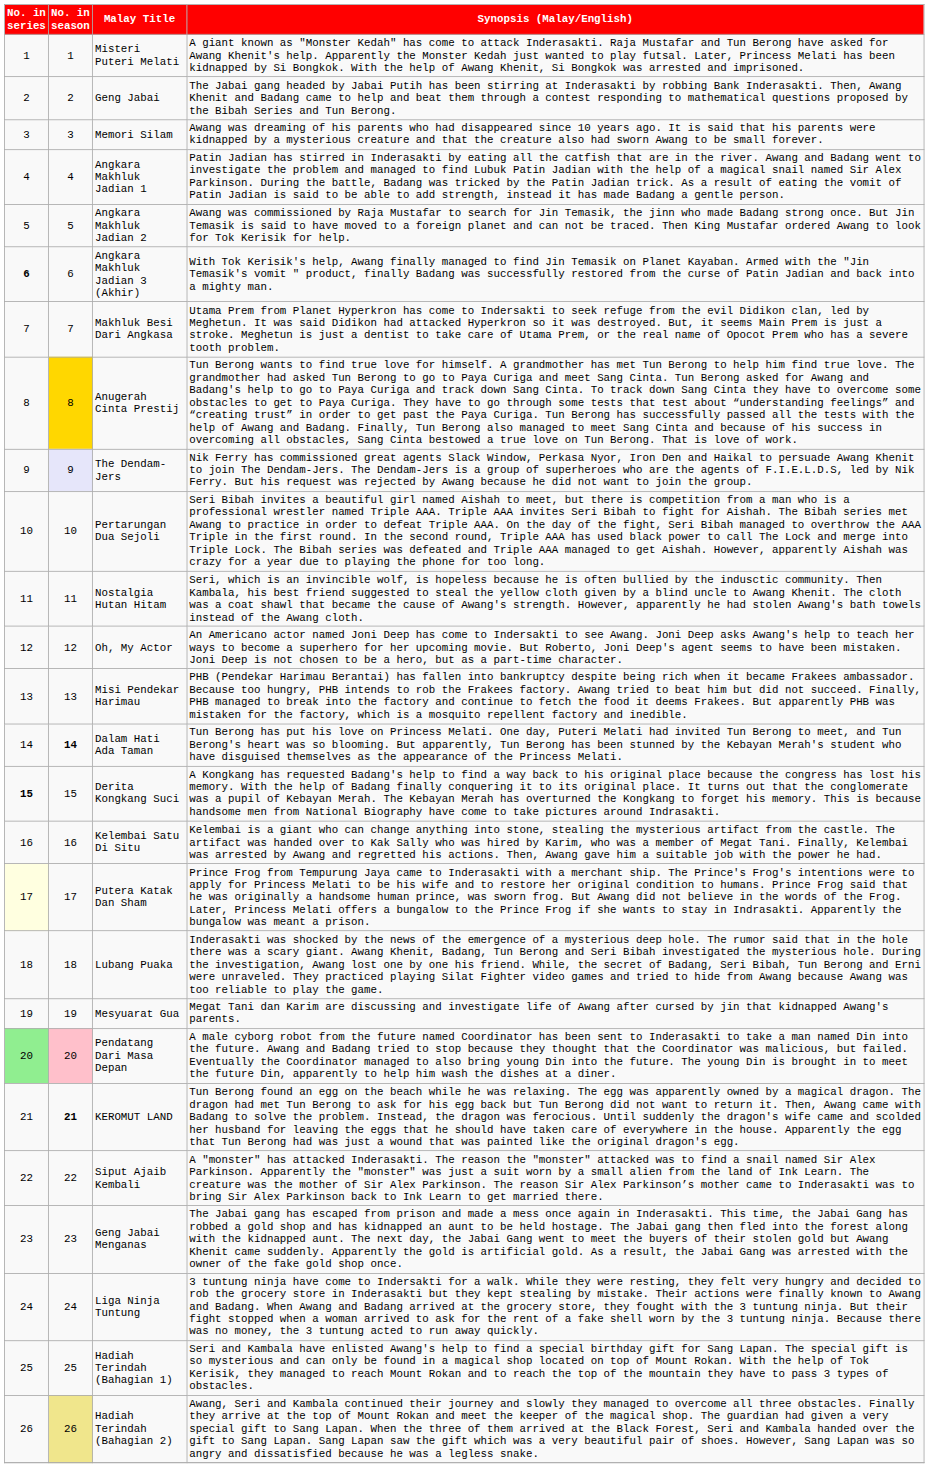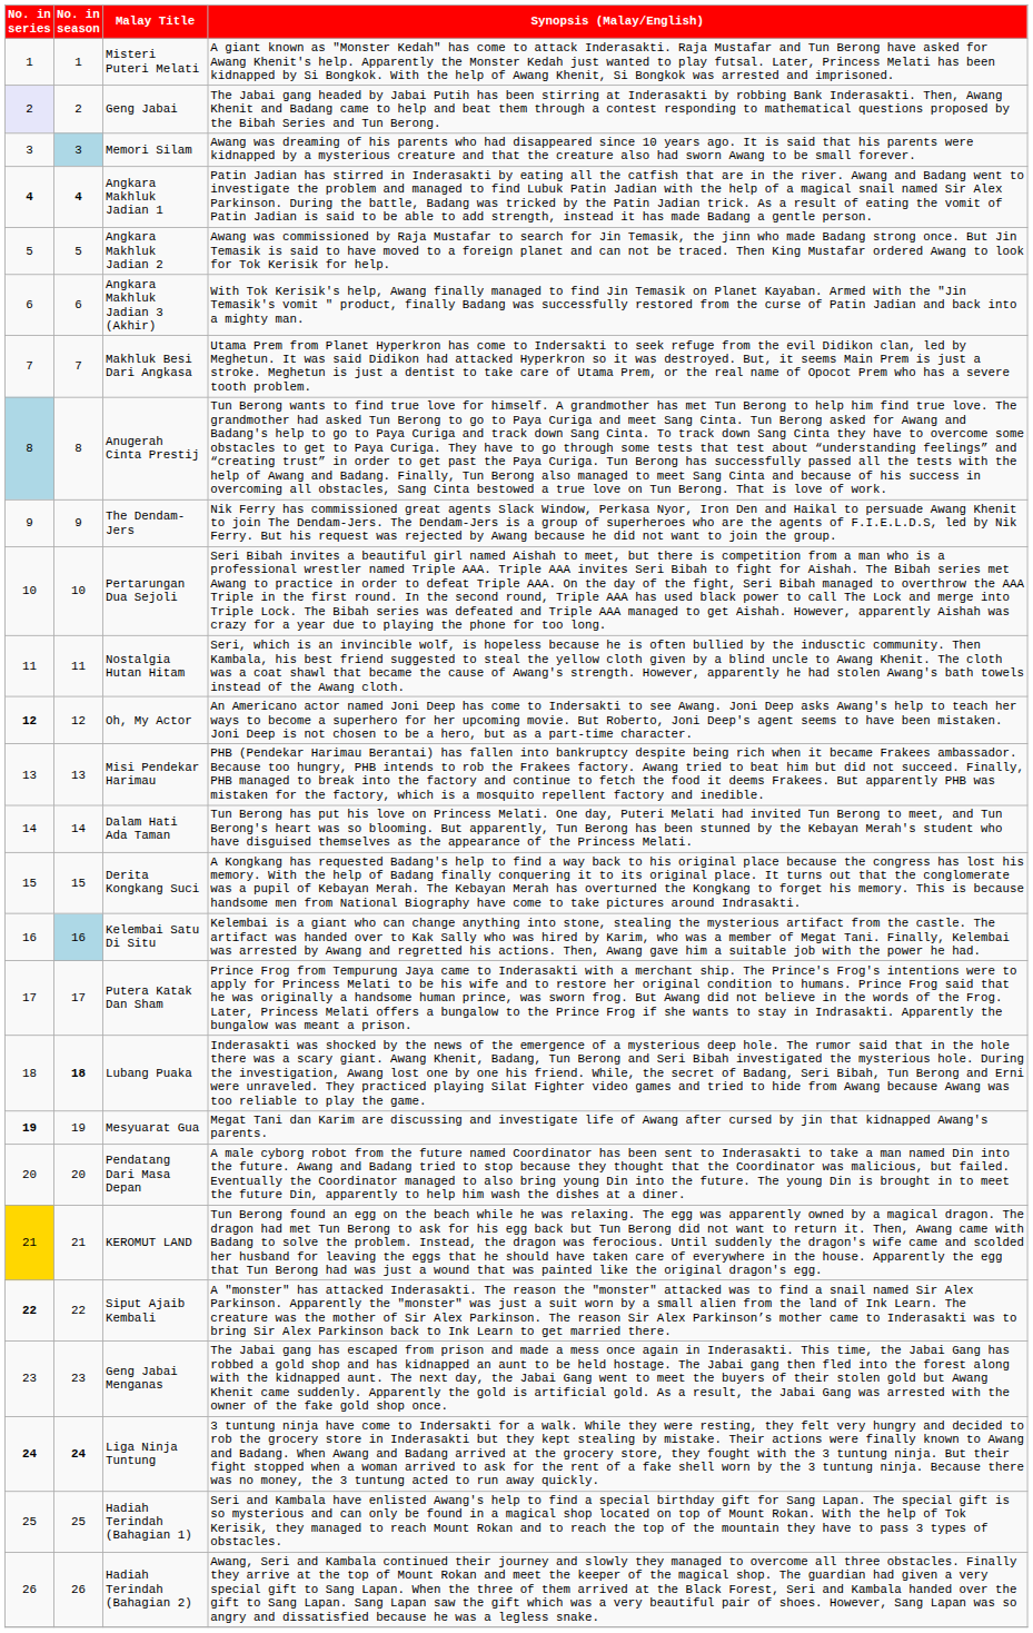 <table class="wikitable" style="width:70%; align:left;">
 <tr>
 <th style="background-color: #FF0000; color: #FFFFFF ;">No. in<br>series </th>
 <th style="background-color: #FF0000; color: #FFFFFF ;">No. in<br>season</th>
 <th style="background-color: #FF0000; color: #FFFFFF ;">Malay Title</th>
 <th style="background-color: #FF0000; color: #FFFFFF ;">Synopsis (Malay/English)</th>
 </tr>
 <tr>
 <td style="text-align:center;">1</td>
 <td style="text-align:center;">1</td>
 <td>Misteri Puteri Melati</td>
 <td>A giant known as "Monster Kedah" has come to attack Inderasakti. Raja Mustafar and Tun Berong have asked for Awang Khenit's help. Apparently the Monster Kedah just wanted to play futsal. Later, Princess Melati has been kidnapped by Si Bongkok. With the help of Awang Khenit, Si Bongkok was arrested and imprisoned.</td>
 </tr>
 <tr>
-<td style="text-align:center;">2</td>
+<td style="background: lavender; text-align:center;">2</td>
 <td style="text-align:center;">2</td>
 <td>Geng Jabai</td>
 <td>The Jabai gang headed by Jabai Putih has been stirring at Inderasakti by robbing Bank Inderasakti. Then, Awang Khenit and Badang came to help and beat them through a contest responding to mathematical questions proposed by the Bibah Series and Tun Berong.</td>
 </tr>
 <tr>
 <td style="text-align:center;">3</td>
-<td style="text-align:center;">3</td>
+<td style="background: lightblue; text-align:center;">3</td>
 <td>Memori Silam</td>
 <td>Awang was dreaming of his parents who had disappeared since 10 years ago. It is said that his parents were kidnapped by a mysterious creature and that the creature also had sworn Awang to be small forever.</td>
 </tr>
 <tr>
-<td style="text-align:center;">4</td>
-<td style="text-align:center;">4</td>
+<td style="text-align:center;"><strong>4</strong></td>
+<td style="text-align:center;"><strong>4</strong></td>
 <td>Angkara Makhluk Jadian 1</td>
 <td>Patin Jadian has stirred in Inderasakti by eating all the catfish that are in the river. Awang and Badang went to investigate the problem and managed to find Lubuk Patin Jadian with the help of a magical snail named Sir Alex Parkinson. During the battle, Badang was tricked by the Patin Jadian trick. As a result of eating the vomit of Patin Jadian is said to be able to add strength, instead it has made Badang a gentle person.</td>
 </tr>
 <tr>
 <td style="text-align:center;">5</td>
 <td style="text-align:center;">5</td>
 <td>Angkara Makhluk Jadian 2</td>
 <td>Awang was commissioned by Raja Mustafar to search for Jin Temasik, the jinn who made Badang strong once. But Jin Temasik is said to have moved to a foreign planet and can not be traced. Then King Mustafar ordered Awang to look for Tok Kerisik for help.</td>
 </tr>
 <tr>
-<td style="text-align:center;"><strong>6</strong></td>
+<td style="text-align:center;">6</td>
 <td style="text-align:center;">6</td>
 <td>Angkara Makhluk Jadian 3 (Akhir)</td>
 <td>With Tok Kerisik's help, Awang finally managed to find Jin Temasik on Planet Kayaban. Armed with the "Jin Temasik's vomit " product, finally Badang was successfully restored from the curse of Patin Jadian and back into a mighty man.</td>
 </tr>
 <tr>
 <td style="text-align:center;">7</td>
 <td style="text-align:center;">7</td>
 <td>Makhluk Besi Dari Angkasa</td>
 <td>Utama Prem from Planet Hyperkron has come to Indersakti to seek refuge from the evil Didikon clan, led by Meghetun. It was said Didikon had attacked Hyperkron so it was destroyed. But, it seems Main Prem is just a stroke. Meghetun is just a dentist to take care of Utama Prem, or the real name of Opocot Prem who has a severe tooth problem.</td>
 </tr>
 <tr>
+<td style="background: lightblue; text-align:center;">8</td>
 <td style="text-align:center;">8</td>
-<td style="background: gold; text-align:center;">8</td>
 <td>Anugerah Cinta Prestij</td>
 <td>Tun Berong wants to find true love for himself. A grandmother has met Tun Berong to help him find true love. The grandmother had asked Tun Berong to go to Paya Curiga and meet Sang Cinta. Tun Berong asked for Awang and Badang's help to go to Paya Curiga and track down Sang Cinta. To track down Sang Cinta they have to overcome some obstacles to get to Paya Curiga. They have to go through some tests that test about “understanding feelings” and “creating trust” in order to get past the Paya Curiga. Tun Berong has successfully passed all the tests with the help of Awang and Badang. Finally, Tun Berong also managed to meet Sang Cinta and because of his success in overcoming all obstacles, Sang Cinta bestowed a true love on Tun Berong. That is love of work.</td>
 </tr>
 <tr>
 <td style="text-align:center;">9</td>
-<td style="background: lavender; text-align:center;">9</td>
+<td style="text-align:center;">9</td>
 <td>The Dendam-Jers</td>
 <td>Nik Ferry has commissioned great agents Slack Window, Perkasa Nyor, Iron Den and Haikal to persuade Awang Khenit to join The Dendam-Jers. The Dendam-Jers is a group of superheroes who are the agents of F.I.E.L.D.S, led by Nik Ferry. But his request was rejected by Awang because he did not want to join the group.</td>
 </tr>
 <tr>
 <td style="text-align:center;">10</td>
 <td style="text-align:center;">10</td>
 <td>Pertarungan Dua Sejoli</td>
 <td>Seri Bibah invites a beautiful girl named Aishah to meet, but there is competition from a man who is a professional wrestler named Triple AAA. Triple AAA invites Seri Bibah to fight for Aishah. The Bibah series met Awang to practice in order to defeat Triple AAA. On the day of the fight, Seri Bibah managed to overthrow the AAA Triple in the first round. In the second round, Triple AAA has used black power to call The Lock and merge into Triple Lock. The Bibah series was defeated and Triple AAA managed to get Aishah. However, apparently Aishah was crazy for a year due to playing the phone for too long.</td>
 </tr>
 <tr>
 <td style="text-align:center;">11</td>
 <td style="text-align:center;">11</td>
 <td>Nostalgia Hutan Hitam</td>
 <td>Seri, which is an invincible wolf, is hopeless because he is often bullied by the indusctic community. Then Kambala, his best friend suggested to steal the yellow cloth given by a blind uncle to Awang Khenit. The cloth was a coat shawl that became the cause of Awang's strength. However, apparently he had stolen Awang's bath towels instead of the Awang cloth.</td>
 </tr>
 <tr>
-<td style="text-align:center;">12</td>
+<td style="text-align:center;"><strong>12</strong></td>
 <td style="text-align:center;">12</td>
 <td>Oh, My Actor</td>
 <td>An Americano actor named Joni Deep has come to Indersakti to see Awang. Joni Deep asks Awang's help to teach her ways to become a superhero for her upcoming movie. But Roberto, Joni Deep's agent seems to have been mistaken. Joni Deep is not chosen to be a hero, but as a part-time character.</td>
 </tr>
 <tr>
 <td style="text-align:center;">13</td>
 <td style="text-align:center;">13</td>
 <td>Misi Pendekar Harimau</td>
 <td>PHB (Pendekar Harimau Berantai) has fallen into bankruptcy despite being rich when it became Frakees ambassador. Because too hungry, PHB intends to rob the Frakees factory. Awang tried to beat him but did not succeed. Finally, PHB managed to break into the factory and continue to fetch the food it deems Frakees. But apparently PHB was mistaken for the factory, which is a mosquito repellent factory and inedible.</td>
 </tr>
 <tr>
 <td style="text-align:center;">14</td>
-<td style="text-align:center;"><strong>14</strong></td>
+<td style="text-align:center;">14</td>
 <td>Dalam Hati Ada Taman</td>
 <td>Tun Berong has put his love on Princess Melati. One day, Puteri Melati had invited Tun Berong to meet, and Tun Berong's heart was so blooming. But apparently, Tun Berong has been stunned by the Kebayan Merah's student who have disguised themselves as the appearance of the Princess Melati.</td>
 </tr>
 <tr>
-<td style="text-align:center;"><strong>15</strong></td>
+<td style="text-align:center;">15</td>
 <td style="text-align:center;">15</td>
 <td>Derita Kongkang Suci</td>
 <td>A Kongkang has requested Badang's help to find a way back to his original place because the congress has lost his memory. With the help of Badang finally conquering it to its original place. It turns out that the conglomerate was a pupil of Kebayan Merah. The Kebayan Merah has overturned the Kongkang to forget his memory. This is because handsome men from National Biography have come to take pictures around Indrasakti.</td>
 </tr>
 <tr>
 <td style="text-align:center;">16</td>
-<td style="text-align:center;">16</td>
+<td style="background: lightblue; text-align:center;">16</td>
 <td>Kelembai Satu Di Situ</td>
 <td>Kelembai is a giant who can change anything into stone, stealing the mysterious artifact from the castle. The artifact was handed over to Kak Sally who was hired by Karim, who was a member of Megat Tani. Finally, Kelembai was arrested by Awang and regretted his actions. Then, Awang gave him a suitable job with the power he had.</td>
 </tr>
 <tr>
-<td style="background: lightyellow; text-align:center;">17</td>
+<td style="text-align:center;">17</td>
 <td style="text-align:center;">17</td>
 <td>Putera Katak Dan Sham</td>
 <td>Prince Frog from Tempurung Jaya came to Inderasakti with a merchant ship. The Prince's Frog's intentions were to apply for Princess Melati to be his wife and to restore her original condition to humans. Prince Frog said that he was originally a handsome human prince, was sworn frog. But Awang did not believe in the words of the Frog. Later, Princess Melati offers a bungalow to the Prince Frog if she wants to stay in Indrasakti. Apparently the bungalow was meant a prison.</td>
 </tr>
 <tr>
 <td style="text-align:center;">18</td>
-<td style="text-align:center;">18</td>
+<td style="text-align:center;"><strong>18</strong></td>
 <td>Lubang Puaka</td>
 <td>Inderasakti was shocked by the news of the emergence of a mysterious deep hole. The rumor said that in the hole there was a scary giant. Awang Khenit, Badang, Tun Berong and Seri Bibah investigated the mysterious hole. During the investigation, Awang lost one by one his friend. While, the secret of Badang, Seri Bibah, Tun Berong and Erni were unraveled. They practiced playing Silat Fighter video games and tried to hide from Awang because Awang was too reliable to play the game.</td>
 </tr>
 <tr>
-<td style="text-align:center;">19</td>
+<td style="text-align:center;"><strong>19</strong></td>
 <td style="text-align:center;">19</td>
 <td>Mesyuarat Gua</td>
 <td>Megat Tani dan Karim are discussing and investigate life of Awang after cursed by jin that kidnapped Awang's parents.</td>
 </tr>
 <tr>
-<td style="background: lightgreen; text-align:center;">20</td>
-<td style="background: pink; text-align:center;">20</td>
+<td style="text-align:center;">20</td>
+<td style="text-align:center;">20</td>
 <td>Pendatang Dari Masa Depan</td>
 <td>A male cyborg robot from the future named Coordinator has been sent to Inderasakti to take a man named Din into the future. Awang and Badang tried to stop because they thought that the Coordinator was malicious, but failed. Eventually the Coordinator managed to also bring young Din into the future. The young Din is brought in to meet the future Din, apparently to help him wash the dishes at a diner.</td>
 </tr>
 <tr>
+<td style="background: gold; text-align:center;">21</td>
 <td style="text-align:center;">21</td>
-<td style="text-align:center;"><strong>21</strong></td>
 <td>KEROMUT LAND</td>
 <td>Tun Berong found an egg on the beach while he was relaxing. The egg was apparently owned by a magical dragon. The dragon had met Tun Berong to ask for his egg back but Tun Berong did not want to return it. Then, Awang came with Badang to solve the problem. Instead, the dragon was ferocious. Until suddenly the dragon's wife came and scolded her husband for leaving the eggs that he should have taken care of everywhere in the house. Apparently the egg that Tun Berong had was just a wound that was painted like the original dragon's egg.</td>
 </tr>
 <tr>
-<td style="text-align:center;">22</td>
+<td style="text-align:center;"><strong>22</strong></td>
 <td style="text-align:center;">22</td>
 <td>Siput Ajaib Kembali</td>
 <td>A "monster" has attacked Inderasakti. The reason the "monster" attacked was to find a snail named Sir Alex Parkinson. Apparently the "monster" was just a suit worn by a small alien from the land of Ink Learn. The creature was the mother of Sir Alex Parkinson. The reason Sir Alex Parkinson’s mother came to Inderasakti was to bring Sir Alex Parkinson back to Ink Learn to get married there.</td>
 </tr>
 <tr>
 <td style="text-align:center;">23</td>
 <td style="text-align:center;">23</td>
 <td>Geng Jabai Menganas</td>
 <td>The Jabai gang has escaped from prison and made a mess once again in Inderasakti. This time, the Jabai Gang has robbed a gold shop and has kidnapped an aunt to be held hostage. The Jabai gang then fled into the forest along with the kidnapped aunt. The next day, the Jabai Gang went to meet the buyers of their stolen gold but Awang Khenit came suddenly. Apparently the gold is artificial gold. As a result, the Jabai Gang was arrested with the owner of the fake gold shop once.</td>
 </tr>
 <tr>
-<td style="text-align:center;">24</td>
-<td style="text-align:center;">24</td>
+<td style="text-align:center;"><strong>24</strong></td>
+<td style="text-align:center;"><strong>24</strong></td>
 <td>Liga Ninja Tuntung</td>
 <td>3 tuntung ninja have come to Indersakti for a walk. While they were resting, they felt very hungry and decided to rob the grocery store in Inderasakti but they kept stealing by mistake. Their actions were finally known to Awang and Badang. When Awang and Badang arrived at the grocery store, they fought with the 3 tuntung ninja. But their fight stopped when a woman arrived to ask for the rent of a fake shell worn by the 3 tuntung ninja. Because there was no money, the 3 tuntung acted to run away quickly.</td>
 </tr>
 <tr>
 <td style="text-align:center;">25</td>
 <td style="text-align:center;">25</td>
 <td>Hadiah Terindah (Bahagian 1)</td>
 <td>Seri and Kambala have enlisted Awang's help to find a special birthday gift for Sang Lapan. The special gift is so mysterious and can only be found in a magical shop located on top of Mount Rokan. With the help of Tok Kerisik, they managed to reach Mount Rokan and to reach the top of the mountain they have to pass 3 types of obstacles.</td>
 </tr>
 <tr>
 <td style="text-align:center;">26</td>
-<td style="background: khaki; text-align:center;">26</td>
+<td style="text-align:center;">26</td>
 <td>Hadiah Terindah (Bahagian 2)</td>
 <td>Awang, Seri and Kambala continued their journey and slowly they managed to overcome all three obstacles. Finally they arrive at the top of Mount Rokan and meet the keeper of the magical shop. The guardian had given a very special gift to Sang Lapan. When the three of them arrived at the Black Forest, Seri and Kambala handed over the gift to Sang Lapan. Sang Lapan saw the gift which was a very beautiful pair of shoes. However, Sang Lapan was so angry and dissatisfied because he was a legless snake.</td>
 </tr>
 <tr>
 </tr>
 </table>
